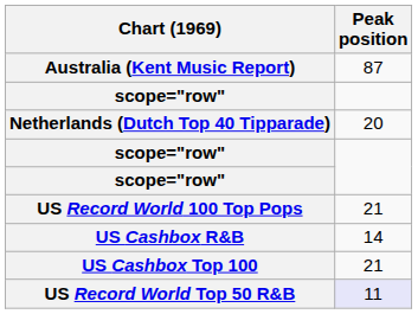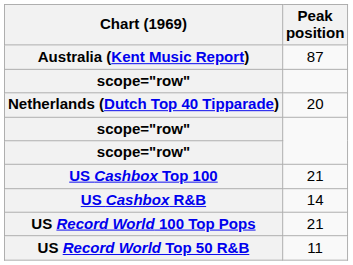 <table class="wikitable sortable plainrowheaders">
 <tr>
 <th scope="col">Chart (1969)</th>
 <th scope="col">Peak<br>position</th>
 </tr>
 <tr>
 <th scope="row">Australia (<a href='#'>Kent Music Report</a>)</th>
 <td align="center">87</td>
 </tr>
 <tr>
 <th>scope="row" </th>
 </tr>
 <tr>
 <th scope="row">Netherlands (<a href='#'>Dutch Top 40 Tipparade</a>)</th>
 <td align="center">20</td>
 </tr>
 <tr>
 <th>scope="row" </th>
 </tr>
 <tr>
 <th>scope="row" </th>
 </tr>
 <tr>
-<th scope="row">US <a href='#'><em>Record World</em> 100 Top Pops</a></th>
+<th scope="row"><a href='#'>US <em>Cashbox</em> Top 100</a></th>
 <td style="text-align:center;">21</td>
 </tr>
 <tr>
 <th scope="row"><a href='#'>US <em>Cashbox</em> R&B</a></th>
 <td style="text-align:center;">14</td>
 </tr>
 <tr>
-<th scope="row"><a href='#'>US <em>Cashbox</em> Top 100</a></th>
+<th scope="row">US <a href='#'><em>Record World</em> 100 Top Pops</a></th>
 <td style="text-align:center;">21</td>
 </tr>
 <tr>
 <th scope="row">US <a href='#'><em>Record World</em> Top 50 R&B</a></th>
-<td style="background: lavender; text-align:center;">11</td>
+<td style="text-align:center;">11</td>
 </tr>
 </table>
